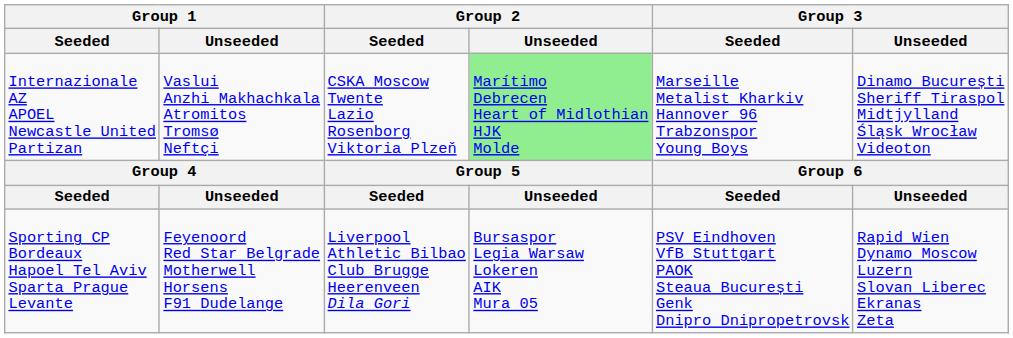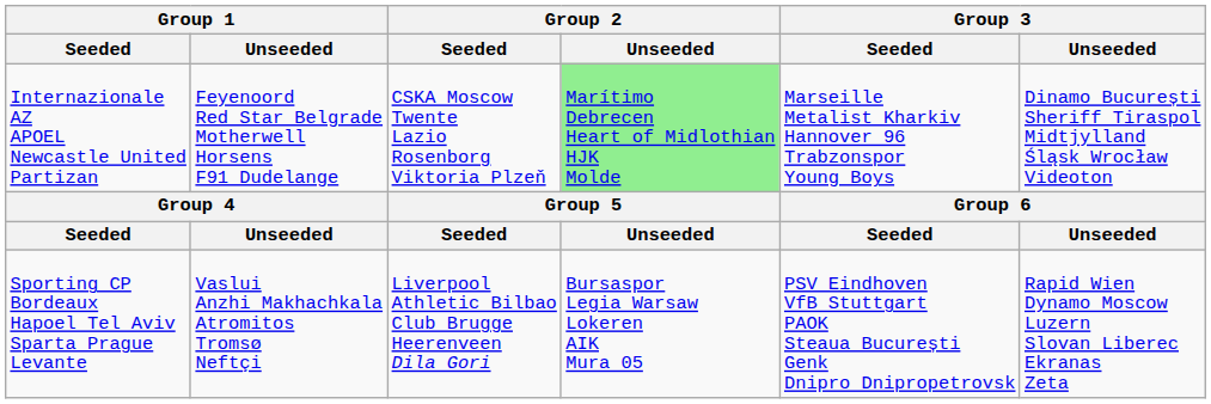 <table class="wikitable" style="font-size:85%">
 <tr>
 <th colspan=2>Group 1</th>
 <th colspan=2>Group 2</th>
 <th colspan=2>Group 3</th>
 </tr>
 <tr>
 <th>Seeded</th>
 <th>Unseeded</th>
 <th>Seeded</th>
 <th>Unseeded</th>
 <th>Seeded</th>
 <th>Unseeded</th>
 </tr>
 <tr>
 <td valign=top><br> <a href='#'>Internazionale</a><br>  <a href='#'>AZ</a><br>  <a href='#'>APOEL</a><br>  <a href='#'>Newcastle United</a><br>  <a href='#'>Partizan</a></td>
-<td valign=top><br> <a href='#'>Vaslui</a><br>  <a href='#'>Anzhi Makhachkala</a><br>  <a href='#'>Atromitos</a><br>  <a href='#'>Tromsø</a><br>  <a href='#'>Neftçi</a></td>
+<td valign=top><br> <a href='#'>Feyenoord</a><br>  <a href='#'>Red Star Belgrade</a><br>  <a href='#'>Motherwell</a><br>  <a href='#'>Horsens</a><br>  <a href='#'>F91 Dudelange</a></td>
 <td valign=top><br> <a href='#'>CSKA Moscow</a><br>  <a href='#'>Twente</a><br>  <a href='#'>Lazio</a><br>  <a href='#'>Rosenborg</a><br>  <a href='#'>Viktoria Plzeň</a></td>
 <td valign=top style="background: lightgreen;"><br> <a href='#'>Marítimo</a><br>  <a href='#'>Debrecen</a><br>  <a href='#'>Heart of Midlothian</a><br>  <a href='#'>HJK</a><br>  <a href='#'>Molde</a></td>
 <td valign=top><br> <a href='#'>Marseille</a><br>  <a href='#'>Metalist Kharkiv</a><br>  <a href='#'>Hannover 96</a><br>  <a href='#'>Trabzonspor</a><br>  <a href='#'>Young Boys</a></td>
 <td valign=top><br> <a href='#'>Dinamo București</a><br>  <a href='#'>Sheriff Tiraspol</a><br>  <a href='#'>Midtjylland</a><br>  <a href='#'>Śląsk Wrocław</a><br>  <a href='#'>Videoton</a></td>
 </tr>
 <tr>
 <th colspan=2>Group 4</th>
 <th colspan=2>Group 5</th>
 <th colspan=2>Group 6</th>
 </tr>
 <tr>
 <th>Seeded</th>
 <th>Unseeded</th>
 <th>Seeded</th>
 <th>Unseeded</th>
 <th>Seeded</th>
 <th>Unseeded</th>
 </tr>
 <tr>
 <td valign=top><br> <a href='#'>Sporting CP</a><br>  <a href='#'>Bordeaux</a><br>  <a href='#'>Hapoel Tel Aviv</a><br>  <a href='#'>Sparta Prague</a><br>  <a href='#'>Levante</a></td>
-<td valign=top><br> <a href='#'>Feyenoord</a><br>  <a href='#'>Red Star Belgrade</a><br>  <a href='#'>Motherwell</a><br>  <a href='#'>Horsens</a><br>  <a href='#'>F91 Dudelange</a></td>
+<td valign=top><br> <a href='#'>Vaslui</a><br>  <a href='#'>Anzhi Makhachkala</a><br>  <a href='#'>Atromitos</a><br>  <a href='#'>Tromsø</a><br>  <a href='#'>Neftçi</a></td>
 <td valign=top><br> <a href='#'>Liverpool</a><br>  <a href='#'>Athletic Bilbao</a><br>  <a href='#'>Club Brugge</a><br>  <a href='#'>Heerenveen</a><br>  <em><a href='#'>Dila Gori</a></em><br></td>
 <td valign=top><br> <a href='#'>Bursaspor</a><br>  <a href='#'>Legia Warsaw</a><br>  <a href='#'>Lokeren</a><br>  <a href='#'>AIK</a><br>  <a href='#'>Mura 05</a></td>
 <td valign=top><br> <a href='#'>PSV Eindhoven</a><br>  <a href='#'>VfB Stuttgart</a><br>  <a href='#'>PAOK</a><br>  <a href='#'>Steaua București</a><br>  <a href='#'>Genk</a><br>  <a href='#'>Dnipro Dnipropetrovsk</a></td>
 <td valign=top><br> <a href='#'>Rapid Wien</a><br>  <a href='#'>Dynamo Moscow</a><br>  <a href='#'>Luzern</a><br>  <a href='#'>Slovan Liberec</a><br>  <a href='#'>Ekranas</a><br>  <a href='#'>Zeta</a></td>
 </tr>
 </table>
